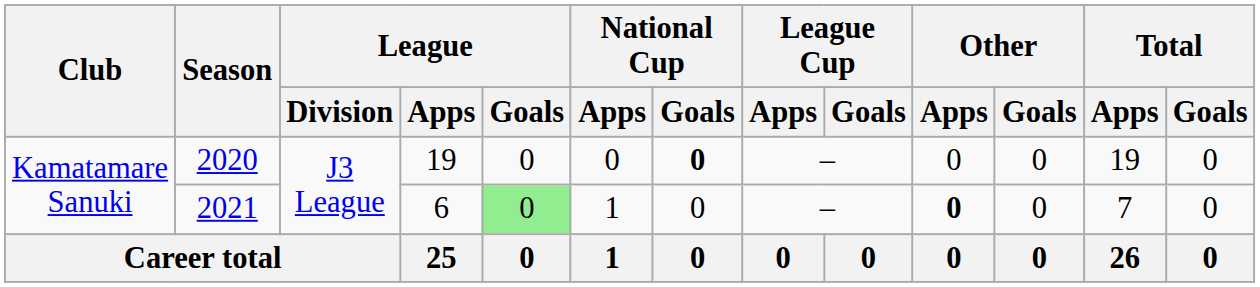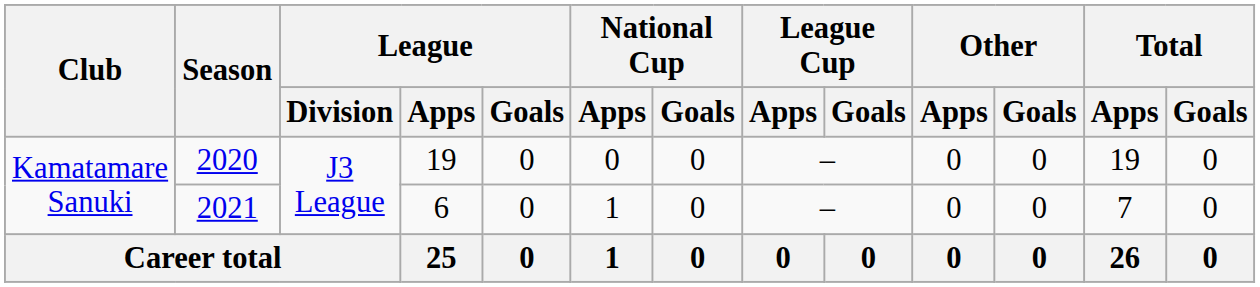 <table class="wikitable" style="text-align: center">
 <tr>
 <th rowspan="2">Club</th>
 <th rowspan="2">Season</th>
 <th colspan="3">League</th>
 <th colspan="2">National Cup</th>
 <th colspan="2">League Cup</th>
 <th colspan="2">Other</th>
 <th colspan="2">Total</th>
 </tr>
 <tr>
 <th>Division</th>
 <th>Apps</th>
 <th>Goals</th>
 <th>Apps</th>
 <th>Goals</th>
 <th>Apps</th>
 <th>Goals</th>
 <th>Apps</th>
 <th>Goals</th>
 <th>Apps</th>
 <th>Goals</th>
 </tr>
 <tr>
 <td rowspan="2"><a href='#'>Kamatamare Sanuki</a></td>
 <td><a href='#'>2020</a></td>
 <td rowspan="2"><a href='#'>J3 League</a></td>
 <td>19</td>
 <td>0</td>
 <td>0</td>
-<td><strong>0</strong></td>
+<td>0</td>
 <td colspan="2">–</td>
 <td>0</td>
 <td>0</td>
 <td>19</td>
 <td>0</td>
 </tr>
 <tr>
 <td><a href='#'>2021</a></td>
 <td>6</td>
-<td style="background: lightgreen;">0</td>
+<td>0</td>
 <td>1</td>
 <td>0</td>
 <td colspan="2">–</td>
-<td><strong>0</strong></td>
+<td>0</td>
 <td>0</td>
 <td>7</td>
 <td>0</td>
 </tr>
 <tr>
 <th colspan=3>Career total</th>
 <th>25</th>
 <th>0</th>
 <th>1</th>
 <th>0</th>
 <th>0</th>
 <th>0</th>
 <th>0</th>
 <th>0</th>
 <th>26</th>
 <th>0</th>
 </tr>
 </table>
